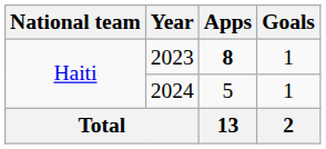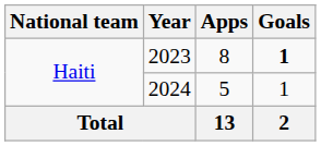 <table class="wikitable" style="text-align: center;">
 <tr>
 <th>National team</th>
 <th>Year</th>
 <th>Apps</th>
 <th>Goals</th>
 </tr>
 <tr>
 <td rowspan="2"><a href='#'>Haiti</a></td>
 <td>2023</td>
-<td><strong>8</strong></td>
-<td>1</td>
+<td>8</td>
+<td><strong>1</strong></td>
 </tr>
 <tr>
 <td>2024</td>
 <td>5</td>
 <td>1</td>
 </tr>
 <tr>
 <th colspan="2">Total</th>
 <th>13</th>
 <th>2</th>
 </tr>
 </table>
